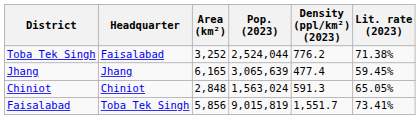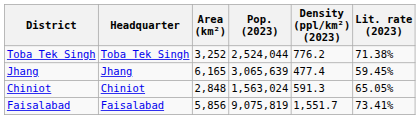 <table class="wikitable sortable static-row-numbers static-row-header-hash">
 <tr>
 <th>District</th>
 <th>Headquarter</th>
 <th>Area<br>(km²)</th>
 <th>Pop.<br>(2023)</th>
 <th>Density<br>(ppl/km²)<br>(2023)</th>
 <th>Lit. rate<br>(2023)</th>
 </tr>
 <tr>
 <td><a href='#'>Toba Tek Singh</a></td>
-<td><a href='#'>Faisalabad</a></td>
+<td><a href='#'>Toba Tek Singh</a></td>
 <td>3,252</td>
 <td>2,524,044</td>
 <td>776.2</td>
 <td>71.38%</td>
 </tr>
 <tr>
 <td><a href='#'>Jhang</a></td>
 <td><a href='#'>Jhang</a></td>
 <td>6,165</td>
 <td>3,065,639</td>
 <td>477.4</td>
 <td>59.45%</td>
 </tr>
 <tr>
 <td><a href='#'>Chiniot</a></td>
 <td><a href='#'>Chiniot</a></td>
 <td>2,848</td>
 <td>1,563,024</td>
 <td>591.3</td>
 <td>65.05%</td>
 </tr>
 <tr>
 <td><a href='#'>Faisalabad</a></td>
-<td><a href='#'>Toba Tek Singh</a></td>
+<td><a href='#'>Faisalabad</a></td>
 <td>5,856</td>
-<td>9,015,819</td>
+<td>9,075,819</td>
 <td>1,551.7</td>
 <td>73.41%</td>
 </tr>
 </table>
